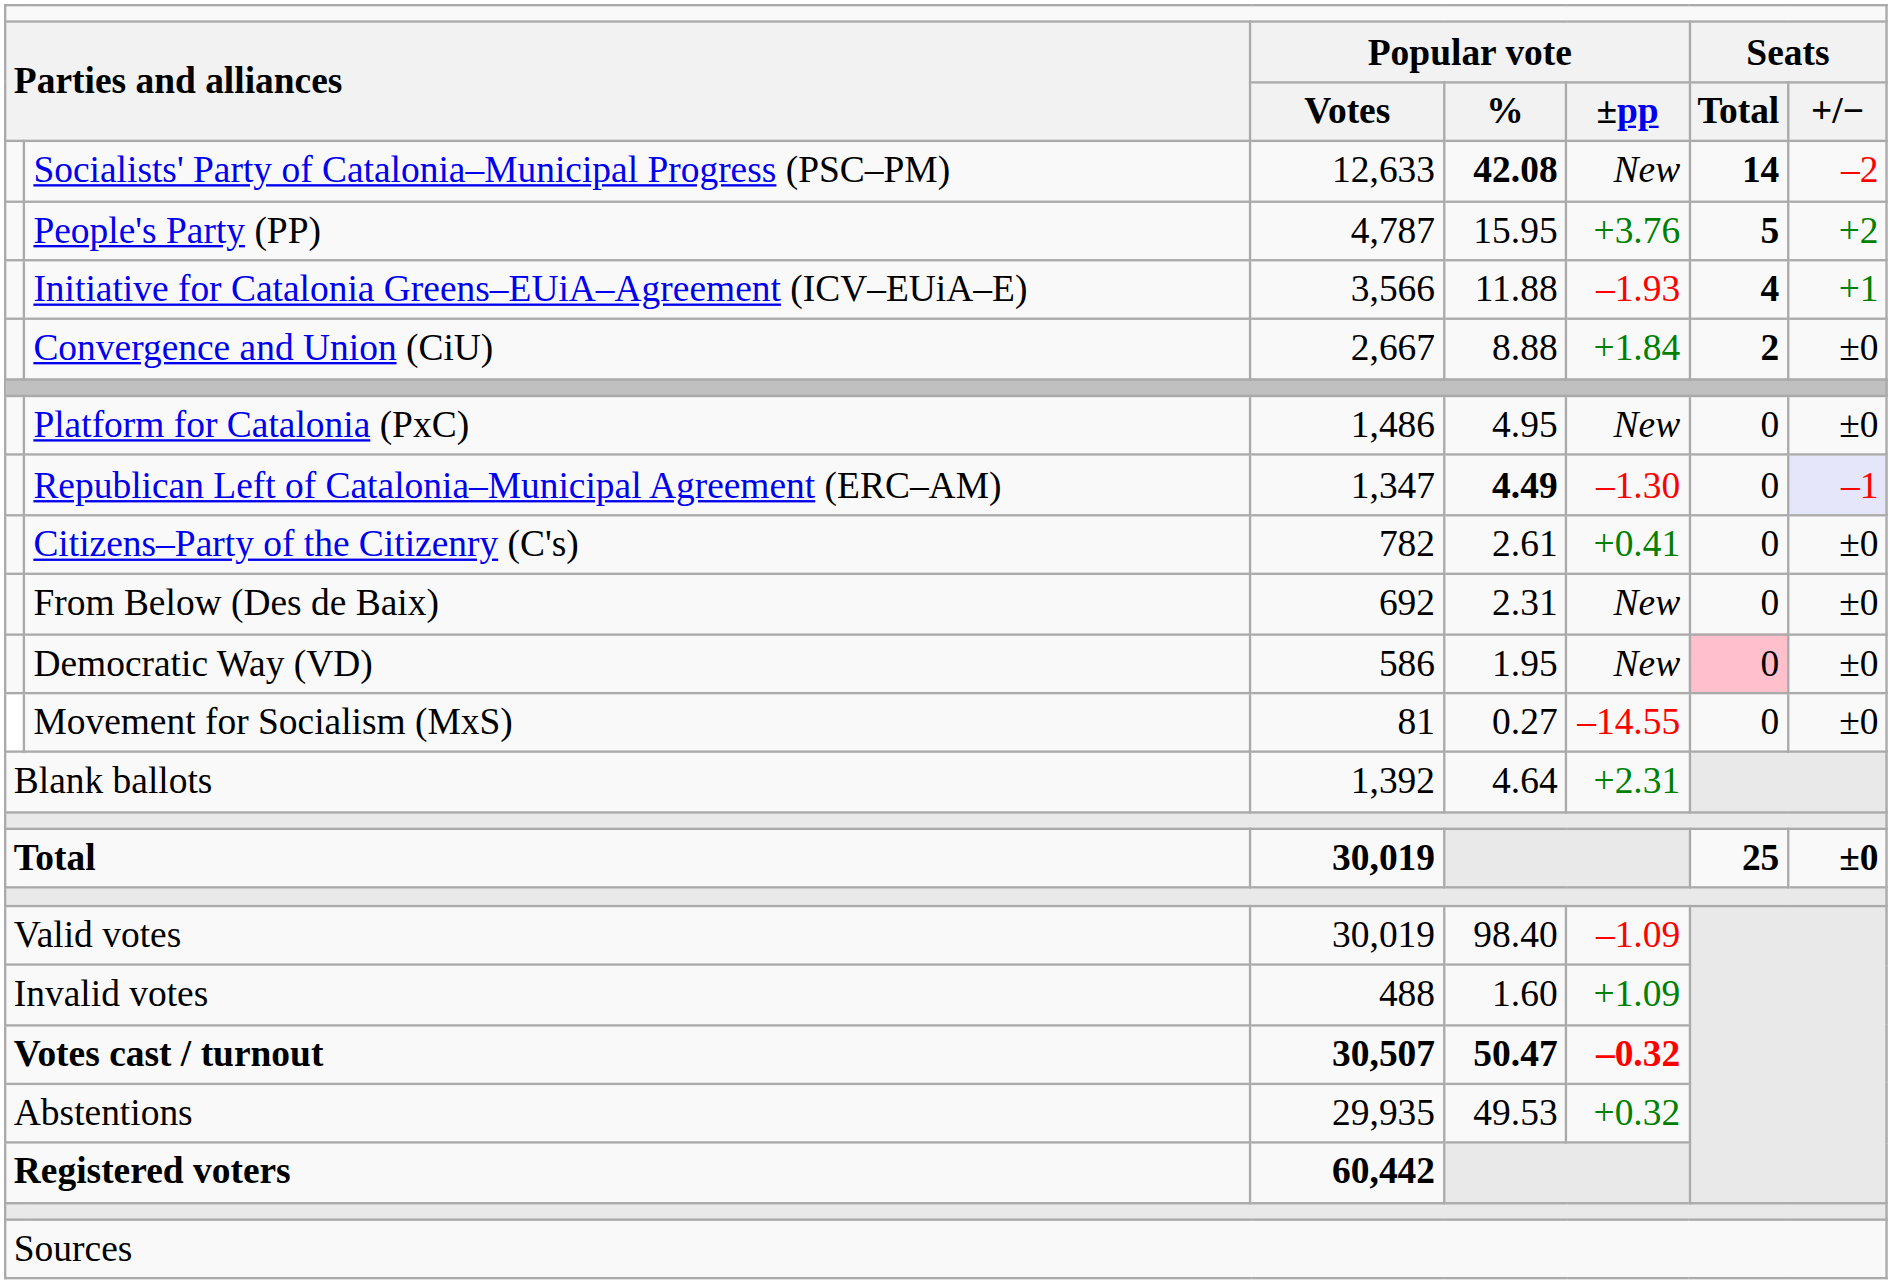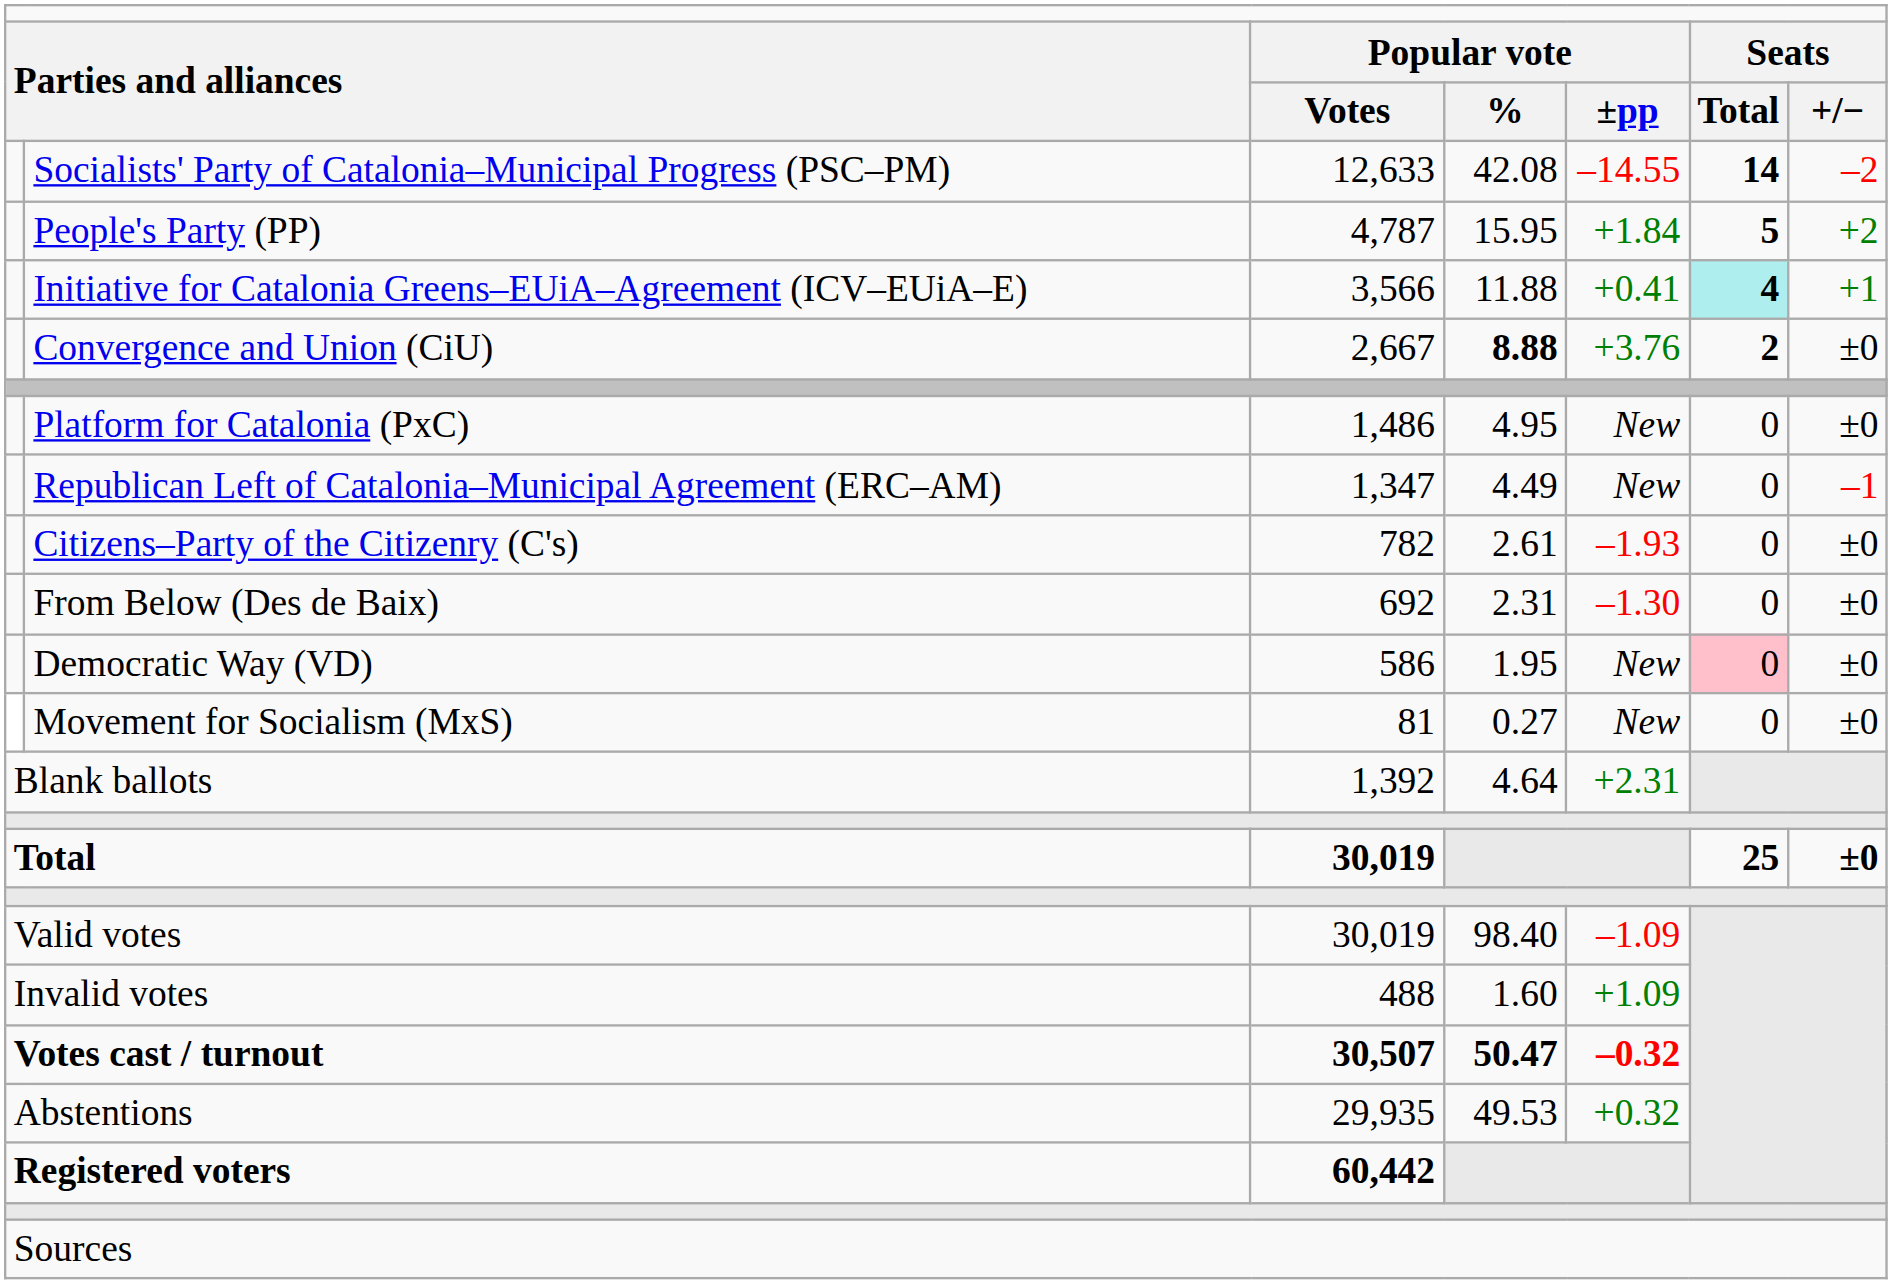 <table class="wikitable" style="text-align:right;">
 <tr>
 <td colspan="7"></td>
 </tr>
 <tr>
 <th style="text-align:left;" rowspan="2" colspan="2" width="525">Parties and alliances</th>
 <th colspan="3">Popular vote</th>
 <th colspan="2">Seats</th>
 </tr>
 <tr>
 <th width="75">Votes</th>
 <th width="45">%</th>
 <th width="45">±<a href='#'>pp</a></th>
 <th width="35">Total</th>
 <th width="35">+/−</th>
 </tr>
 <tr>
 <td width="1" style="color:inherit;background:"></td>
 <td align="left"><a href='#'>Socialists' Party of Catalonia–Municipal Progress</a> (PSC–PM)</td>
 <td>12,633</td>
-<td><strong>42.08</strong></td>
-<td><em>New</em></td>
+<td>42.08</td>
+<td style="color:red;">–14.55</td>
 <td><strong>14</strong></td>
 <td style="color:red;">–2</td>
 </tr>
 <tr>
 <td style="color:inherit;background:"></td>
 <td align="left"><a href='#'>People's Party</a> (PP)</td>
 <td>4,787</td>
 <td>15.95</td>
-<td style="color:green;">+3.76</td>
+<td style="color:green;">+1.84</td>
 <td><strong>5</strong></td>
 <td style="color:green;">+2</td>
 </tr>
 <tr>
 <td style="color:inherit;background:"></td>
 <td align="left"><a href='#'>Initiative for Catalonia Greens–EUiA–Agreement</a> (ICV–EUiA–E)</td>
 <td>3,566</td>
 <td>11.88</td>
-<td style="color:red;">–1.93</td>
-<td><strong>4</strong></td>
+<td style="color:green;">+0.41</td>
+<td style="background: paleturquoise;"><strong>4</strong></td>
 <td style="color:green;">+1</td>
 </tr>
 <tr>
 <td style="color:inherit;background:"></td>
 <td align="left"><a href='#'>Convergence and Union</a> (CiU)</td>
 <td>2,667</td>
-<td>8.88</td>
-<td style="color:green;">+1.84</td>
+<td><strong>8.88</strong></td>
+<td style="color:green;">+3.76</td>
 <td><strong>2</strong></td>
 <td>±0</td>
 </tr>
 <tr>
 <td colspan="7" style="color:inherit;background:#C0C0C0"></td>
 </tr>
 <tr>
 <td style="color:inherit;background:"></td>
 <td align="left"><a href='#'>Platform for Catalonia</a> (PxC)</td>
 <td>1,486</td>
 <td>4.95</td>
 <td><em>New</em></td>
 <td>0</td>
 <td>±0</td>
 </tr>
 <tr>
 <td style="color:inherit;background:"></td>
 <td align="left"><a href='#'>Republican Left of Catalonia–Municipal Agreement</a> (ERC–AM)</td>
 <td>1,347</td>
-<td><strong>4.49</strong></td>
-<td style="color:red;">–1.30</td>
+<td>4.49</td>
+<td><em>New</em></td>
 <td>0</td>
-<td style="background: lavender; color:red;">–1</td>
+<td style="color:red;">–1</td>
 </tr>
 <tr>
 <td style="color:inherit;background:"></td>
 <td align="left"><a href='#'>Citizens–Party of the Citizenry</a> (C's)</td>
 <td>782</td>
 <td>2.61</td>
-<td style="color:green;">+0.41</td>
+<td style="color:red;">–1.93</td>
 <td>0</td>
 <td>±0</td>
 </tr>
 <tr>
 <td style="color:inherit;background:"></td>
 <td align="left">From Below (Des de Baix)</td>
 <td>692</td>
 <td>2.31</td>
-<td><em>New</em></td>
+<td style="color:red;">–1.30</td>
 <td>0</td>
 <td>±0</td>
 </tr>
 <tr>
 <td style="color:inherit;background:"></td>
 <td align="left">Democratic Way (VD)</td>
 <td>586</td>
 <td>1.95</td>
 <td><em>New</em></td>
 <td style="background: pink;">0</td>
 <td>±0</td>
 </tr>
 <tr>
 <td bgcolor="white"></td>
 <td align="left">Movement for Socialism (MxS)</td>
 <td>81</td>
 <td>0.27</td>
-<td style="color:red;">–14.55</td>
+<td><em>New</em></td>
 <td>0</td>
 <td>±0</td>
 </tr>
 <tr>
 <td align="left" colspan="2">Blank ballots</td>
 <td>1,392</td>
 <td>4.64</td>
 <td style="color:green;">+2.31</td>
 <td style="color:inherit;background:#E9E9E9" colspan="2"></td>
 </tr>
 <tr>
 <td colspan="7" style="color:inherit;background:#E9E9E9"></td>
 </tr>
 <tr style="font-weight:bold;">
 <td align="left" colspan="2">Total</td>
 <td>30,019</td>
 <td bgcolor="#E9E9E9" colspan="2"></td>
 <td>25</td>
 <td>±0</td>
 </tr>
 <tr>
 <td colspan="7" style="color:inherit;background:#E9E9E9"></td>
 </tr>
 <tr>
 <td align="left" colspan="2">Valid votes</td>
 <td>30,019</td>
 <td>98.40</td>
 <td style="color:red;">–1.09</td>
 <td bgcolor="#E9E9E9" colspan="2" rowspan="5"></td>
 </tr>
 <tr>
 <td align="left" colspan="2">Invalid votes</td>
 <td>488</td>
 <td>1.60</td>
 <td style="color:green;">+1.09</td>
 </tr>
 <tr style="font-weight:bold;">
 <td align="left" colspan="2">Votes cast / turnout</td>
 <td>30,507</td>
 <td>50.47</td>
 <td style="color:red;">–0.32</td>
 </tr>
 <tr>
 <td align="left" colspan="2">Abstentions</td>
 <td>29,935</td>
 <td>49.53</td>
 <td style="color:green;">+0.32</td>
 </tr>
 <tr style="font-weight:bold;">
 <td align="left" colspan="2">Registered voters</td>
 <td>60,442</td>
 <td bgcolor="#E9E9E9" colspan="2"></td>
 </tr>
 <tr>
 <td colspan="7" style="color:inherit;background:#E9E9E9"></td>
 </tr>
 <tr>
 <td align="left" colspan="7">Sources</td>
 </tr>
 </table>
